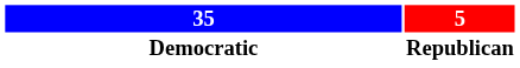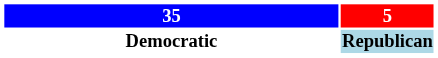 <table style="width:60%; text-align:center;">
 <tr style="color:white;">
 <td style="background:blue; width:87.5%;"><strong>35</strong></td>
 <td style="background:red; width:13.5%;"><strong>5</strong></td>
 </tr>
 <tr>
 <td><span><strong>Democratic</strong></span></td>
-<td><span><strong>Republican</strong></span></td>
+<td style="background: lightblue;"><span><strong>Republican</strong></span></td>
 </tr>
 </table>
